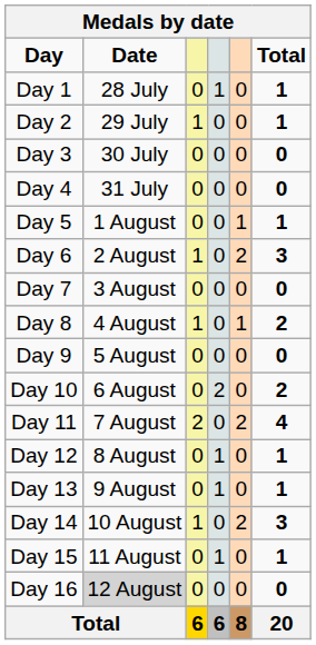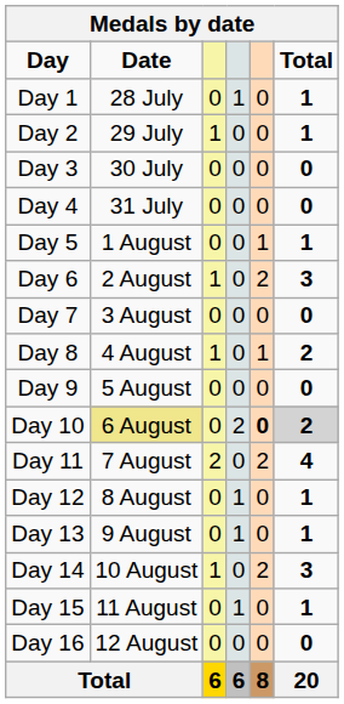 <table class=wikitable style="font-size:85%">
 <tr bgcolor=efefef>
 <th colspan=6>Medals by date</th>
 </tr>
 <tr align=center>
 <td><strong>Day</strong></td>
 <td><strong>Date</strong></td>
 <td bgcolor=#f7f6a8></td>
 <td bgcolor=#dce5e5></td>
 <td bgcolor=#ffdab9></td>
 <td><strong>Total</strong></td>
 </tr>
 <tr align=center>
 <td>Day 1</td>
 <td>28 July</td>
 <td bgcolor=F7F6A8>0</td>
 <td bgcolor=DCE5E5>1</td>
 <td bgcolor=FFDAB9>0</td>
 <td><strong>1</strong></td>
 </tr>
 <tr align=center>
 <td>Day 2</td>
 <td>29 July</td>
 <td bgcolor=F7F6A8>1</td>
 <td bgcolor=DCE5E5>0</td>
 <td bgcolor=FFDAB9>0</td>
 <td><strong>1</strong></td>
 </tr>
 <tr align=center>
 <td>Day 3</td>
 <td>30 July</td>
 <td bgcolor=F7F6A8>0</td>
 <td bgcolor=DCE5E5>0</td>
 <td bgcolor=FFDAB9>0</td>
 <td><strong>0</strong></td>
 </tr>
 <tr align=center>
 <td>Day 4</td>
 <td>31 July</td>
 <td bgcolor=F7F6A8>0</td>
 <td bgcolor=DCE5E5>0</td>
 <td bgcolor=FFDAB9>0</td>
 <td><strong>0</strong></td>
 </tr>
 <tr align=center>
 <td>Day 5</td>
 <td>1 August</td>
 <td bgcolor=F7F6A8>0</td>
 <td bgcolor=DCE5E5>0</td>
 <td bgcolor=FFDAB9>1</td>
 <td><strong>1</strong></td>
 </tr>
 <tr align=center>
 <td>Day 6</td>
 <td>2 August</td>
 <td bgcolor=F7F6A8>1</td>
 <td bgcolor=DCE5E5>0</td>
 <td bgcolor=FFDAB9>2</td>
 <td><strong>3</strong></td>
 </tr>
 <tr align=center>
 <td>Day 7</td>
 <td>3 August</td>
 <td bgcolor=F7F6A8>0</td>
 <td bgcolor=DCE5E5>0</td>
 <td bgcolor=FFDAB9>0</td>
 <td><strong>0</strong></td>
 </tr>
 <tr align=center>
 <td>Day 8</td>
 <td>4 August</td>
 <td bgcolor=F7F6A8>1</td>
 <td bgcolor=DCE5E5>0</td>
 <td bgcolor=FFDAB9>1</td>
 <td><strong>2</strong></td>
 </tr>
 <tr align=center>
 <td>Day 9</td>
 <td>5 August</td>
 <td bgcolor=F7F6A8>0</td>
 <td bgcolor=DCE5E5>0</td>
 <td bgcolor=FFDAB9>0</td>
 <td><strong>0</strong></td>
 </tr>
 <tr align=center>
 <td>Day 10</td>
-<td>6 August</td>
+<td style="background: khaki;">6 August</td>
 <td bgcolor=F7F6A8>0</td>
 <td bgcolor=DCE5E5>2</td>
-<td bgcolor=FFDAB9>0</td>
-<td><strong>2</strong></td>
+<td bgcolor=FFDAB9><strong>0</strong></td>
+<td style="background: lightgrey;"><strong>2</strong></td>
 </tr>
 <tr align=center>
 <td>Day 11</td>
 <td>7 August</td>
 <td bgcolor=F7F6A8>2</td>
 <td bgcolor=DCE5E5>0</td>
 <td bgcolor=FFDAB9>2</td>
 <td><strong>4</strong></td>
 </tr>
 <tr align=center>
 <td>Day 12</td>
 <td>8 August</td>
 <td bgcolor=F7F6A8>0</td>
 <td bgcolor=DCE5E5>1</td>
 <td bgcolor=FFDAB9>0</td>
 <td><strong>1</strong></td>
 </tr>
 <tr align=center>
 <td>Day 13</td>
 <td>9 August</td>
 <td bgcolor=F7F6A8>0</td>
 <td bgcolor=DCE5E5>1</td>
 <td bgcolor=FFDAB9>0</td>
 <td><strong>1</strong></td>
 </tr>
 <tr align=center>
 <td>Day 14</td>
 <td>10 August</td>
 <td bgcolor=F7F6A8>1</td>
 <td bgcolor=DCE5E5>0</td>
 <td bgcolor=FFDAB9>2</td>
 <td><strong>3</strong></td>
 </tr>
 <tr align=center>
 <td>Day 15</td>
 <td>11 August</td>
 <td bgcolor=F7F6A8>0</td>
 <td bgcolor=DCE5E5>1</td>
 <td bgcolor=FFDAB9>0</td>
 <td><strong>1</strong></td>
 </tr>
 <tr align=center>
 <td>Day 16</td>
-<td style="background: lightgrey;">12 August</td>
+<td>12 August</td>
 <td bgcolor=F7F6A8>0</td>
 <td bgcolor=DCE5E5>0</td>
 <td bgcolor=FFDAB9>0</td>
 <td><strong>0</strong></td>
 </tr>
 <tr>
 <th colspan=2>Total</th>
 <th style="background:gold">6</th>
 <th style="background:silver">6</th>
 <th style="background:#c96">8</th>
 <th>20</th>
 </tr>
 </table>
